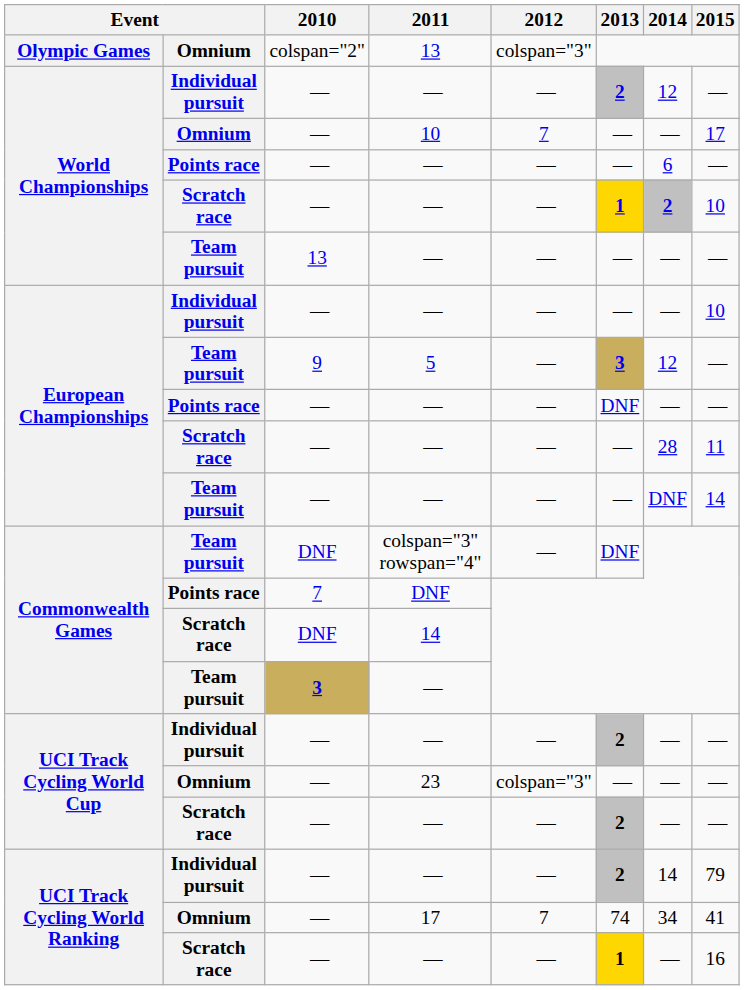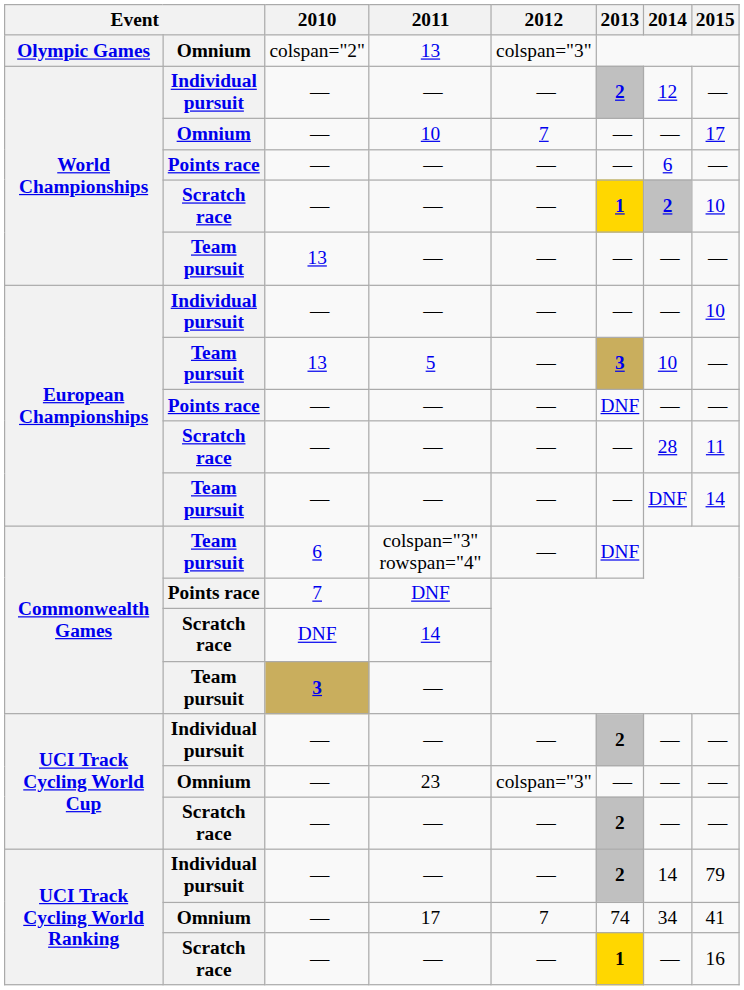 <table class="wikitable plainrowheaders">
 <tr>
 <th scope="col" colspan=2>Event</th>
 <th scope="col">2010</th>
 <th scope="col">2011</th>
 <th scope="col">2012</th>
 <th scope="col">2013</th>
 <th scope="col">2014</th>
 <th scope="col">2015</th>
 </tr>
 <tr style="text-align:center;">
 <th scope="row"> <a href='#'>Olympic Games</a></th>
 <th scope="row">Omnium</th>
 <td>colspan="2" </td>
 <td><a href='#'>13</a></td>
 <td>colspan="3" </td>
 </tr>
 <tr style="text-align:center;">
 <th scope="row" rowspan=5> <a href='#'>World Championships</a></th>
 <th scope="row"><a href='#'>Individual pursuit</a></th>
 <td> —</td>
 <td> —</td>
 <td> —</td>
 <th style="background:silver;"><a href='#'>2</a></th>
 <td><a href='#'>12</a></td>
 <td> —</td>
 </tr>
 <tr style="text-align:center;">
 <th scope="row"><a href='#'>Omnium</a></th>
 <td> —</td>
 <td><a href='#'>10</a></td>
 <td><a href='#'>7</a></td>
 <td> —</td>
 <td> —</td>
 <td><a href='#'>17</a></td>
 </tr>
 <tr style="text-align:center;">
 <th scope="row"><a href='#'>Points race</a></th>
 <td> —</td>
 <td> —</td>
 <td> —</td>
 <td> —</td>
 <td><a href='#'>6</a></td>
 <td> —</td>
 </tr>
 <tr style="text-align:center;">
 <th scope="row"><a href='#'>Scratch race</a></th>
 <td> —</td>
 <td> —</td>
 <td> —</td>
 <th style="background:gold;"><a href='#'>1</a></th>
 <th style="background:silver;"><a href='#'>2</a></th>
 <td><a href='#'>10</a></td>
 </tr>
 <tr style="text-align:center;">
 <th scope="row"><a href='#'>Team pursuit</a></th>
 <td><a href='#'>13</a></td>
 <td> —</td>
 <td> —</td>
 <td> —</td>
 <td> —</td>
 <td> —</td>
 </tr>
 <tr style="text-align:center;">
 <th scope="row" rowspan=5> <a href='#'>European Championships</a></th>
 <th scope="row"><a href='#'>Individual pursuit</a></th>
 <td> —</td>
 <td> —</td>
 <td> —</td>
 <td> —</td>
 <td> —</td>
 <td><a href='#'>10</a></td>
 </tr>
 <tr style="text-align:center;">
 <th scope="row"><a href='#'>Team pursuit</a></th>
-<td><a href='#'>9</a></td>
+<td><a href='#'>13</a></td>
 <td><a href='#'>5</a></td>
 <td> —</td>
 <th style="background:#C9AE5D;"><a href='#'>3</a></th>
-<td><a href='#'>12</a></td>
+<td><a href='#'>10</a></td>
 <td> —</td>
 </tr>
 <tr style="text-align:center;">
 <th scope="row"><a href='#'>Points race</a></th>
 <td> —</td>
 <td> —</td>
 <td> —</td>
 <td><a href='#'>DNF</a></td>
 <td> —</td>
 <td> —</td>
 </tr>
 <tr style="text-align:center;">
 <th scope="row"><a href='#'>Scratch race</a></th>
 <td> —</td>
 <td> —</td>
 <td> —</td>
 <td> —</td>
 <td><a href='#'>28</a></td>
 <td><a href='#'>11</a></td>
 </tr>
 <tr style="text-align:center;">
 <th scope="row"><a href='#'>Team pursuit</a></th>
 <td> —</td>
 <td> —</td>
 <td> —</td>
 <td> —</td>
 <td><a href='#'>DNF</a></td>
 <td><a href='#'>14</a></td>
 </tr>
 <tr style="text-align:center;">
 <th scope="row" rowspan=4><a href='#'>Commonwealth Games</a></th>
 <th scope="row"><a href='#'>Team pursuit</a></th>
-<td><a href='#'>DNF</a></td>
+<td><a href='#'>6</a></td>
 <td>colspan="3" rowspan="4" </td>
 <td> —</td>
 <td><a href='#'>DNF</a></td>
 </tr>
 <tr style="text-align:center;">
 <th scope="row">Points race</th>
 <td><a href='#'>7</a></td>
 <td><a href='#'>DNF</a></td>
 </tr>
 <tr style="text-align:center;">
 <th scope="row">Scratch race</th>
 <td><a href='#'>DNF</a></td>
 <td><a href='#'>14</a></td>
 </tr>
 <tr style="text-align:center;">
 <th scope="row">Team pursuit</th>
 <th style="background:#C9AE5D;"><a href='#'>3</a></th>
 <td> —</td>
 </tr>
 <tr style="text-align:center;">
 <th scope="row" rowspan=3><a href='#'>UCI Track Cycling World Cup</a></th>
 <th scope="row">Individual pursuit</th>
 <td> —</td>
 <td> —</td>
 <td> —</td>
 <th style="background:silver;">2</th>
 <td> —</td>
 <td> —</td>
 </tr>
 <tr style="text-align:center;">
 <th scope="row">Omnium</th>
 <td> —</td>
 <td>23</td>
 <td>colspan="3" </td>
 <td> —</td>
 <td> —</td>
 <td> —</td>
 </tr>
 <tr style="text-align:center;">
 <th scope="row">Scratch race</th>
 <td> —</td>
 <td> —</td>
 <td> —</td>
 <th style="background:silver;">2</th>
 <td> —</td>
 <td> —</td>
 </tr>
 <tr style="text-align:center;">
 <th scope="row" rowspan=3><a href='#'>UCI Track Cycling World Ranking</a></th>
 <th scope="row">Individual pursuit</th>
 <td> —</td>
 <td> —</td>
 <td> —</td>
 <th style="background:silver;">2</th>
 <td>14</td>
 <td>79</td>
 </tr>
 <tr style="text-align:center;">
 <th scope="row">Omnium</th>
 <td> —</td>
 <td>17</td>
 <td>7</td>
 <td>74</td>
 <td>34</td>
 <td>41</td>
 </tr>
 <tr style="text-align:center;">
 <th scope="row">Scratch race</th>
 <td> —</td>
 <td> —</td>
 <td> —</td>
 <th style="background:gold;">1</th>
 <td> —</td>
 <td>16</td>
 </tr>
 </table>
